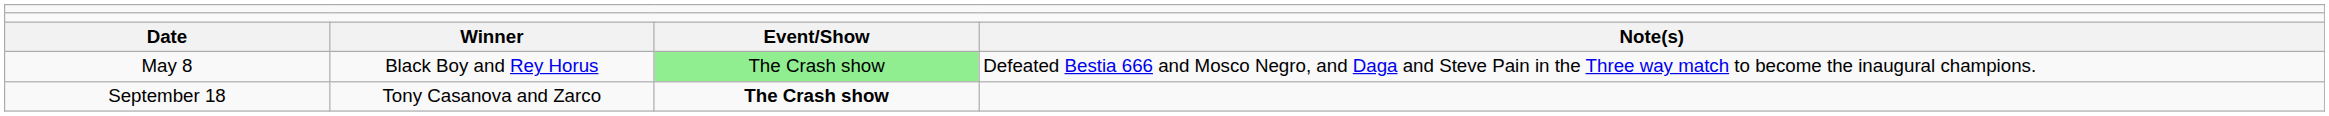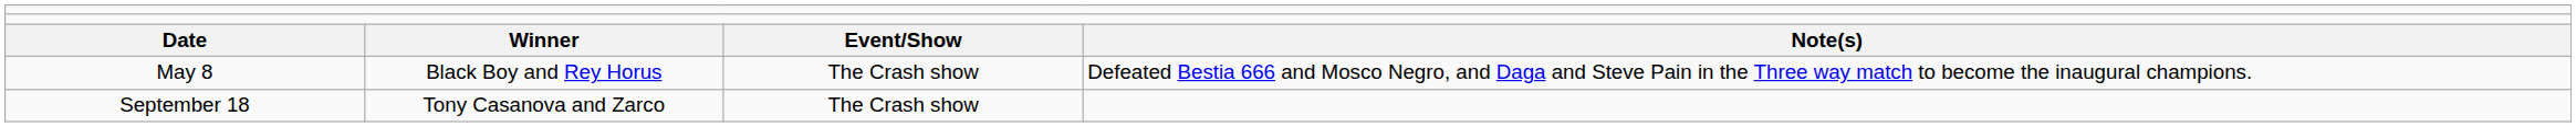 <table class="wikitable" style="text-align:center; width:100%;">
 <tr>
 <td colspan="5"></td>
 </tr>
 <tr>
 <td colspan="5"><strong></strong></td>
 </tr>
 <tr>
 <th width=14%>Date</th>
 <th width=14%>Winner</th>
 <th width=14%>Event/Show</th>
 <th width=58%>Note(s)</th>
 </tr>
 <tr>
 <td>May 8</td>
 <td>Black Boy and <a href='#'>Rey Horus</a></td>
-<td style="background: lightgreen;">The Crash show</td>
+<td>The Crash show</td>
 <td align=left>Defeated <a href='#'>Bestia 666</a> and Mosco Negro, and <a href='#'>Daga</a> and Steve Pain in the <a href='#'>Three way match</a> to become the inaugural champions.</td>
 </tr>
 <tr>
 <td>September 18</td>
 <td>Tony Casanova and Zarco</td>
-<td><strong>The Crash show</strong></td>
+<td>The Crash show</td>
 <td align=left></td>
 </tr>
 </table>
